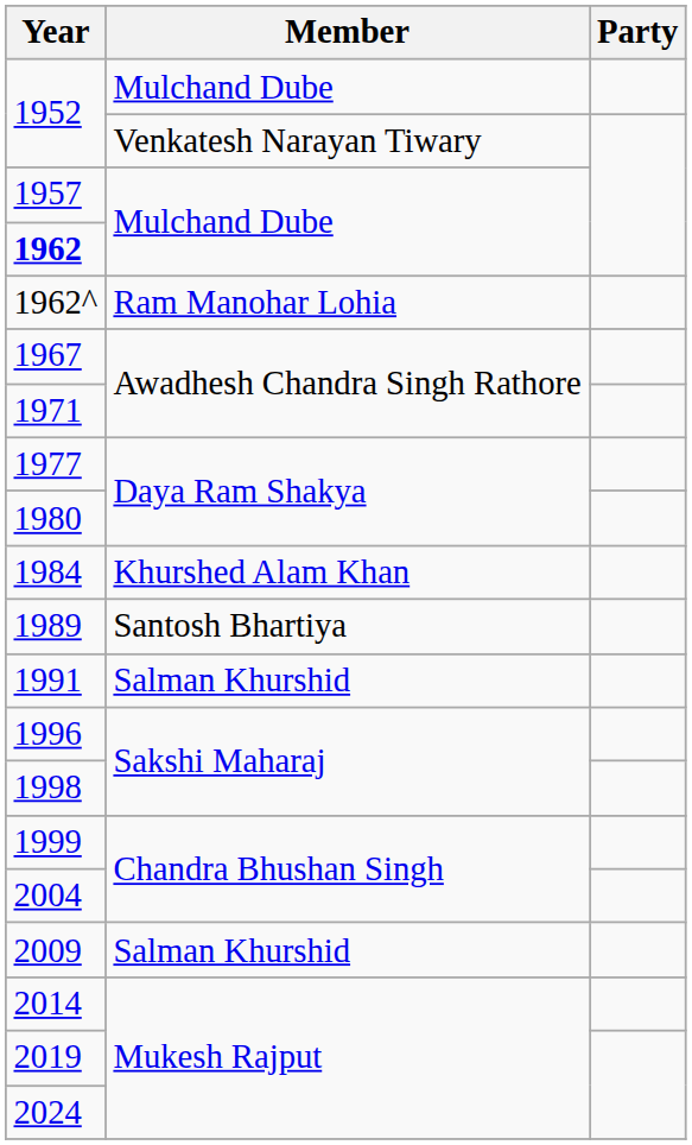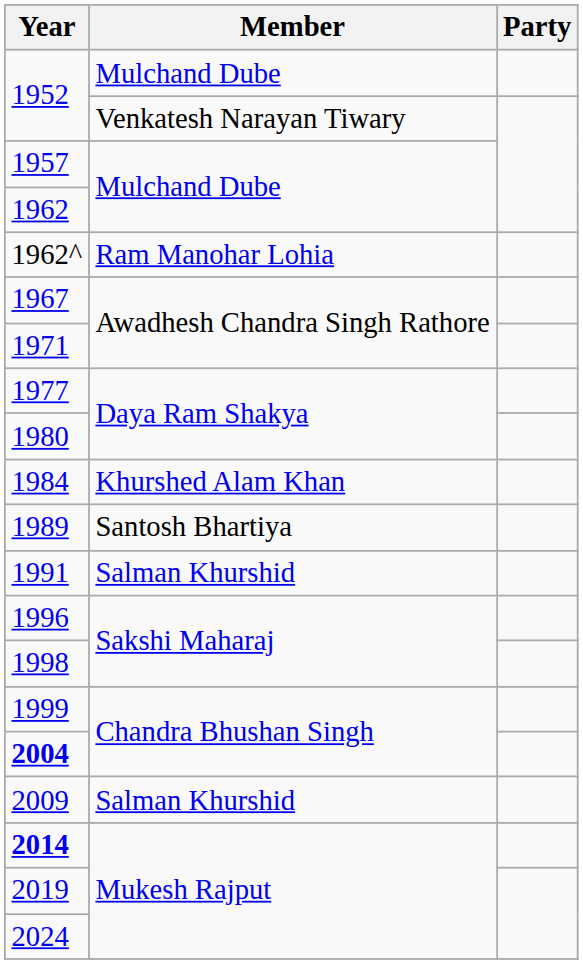 <table class="wikitable sortable">
 <tr>
 <th>Year</th>
 <th>Member</th>
 <th colspan="2">Party</th>
 </tr>
 <tr>
 <td rowspan="2"><a href='#'>1952</a></td>
 <td><a href='#'>Mulchand Dube</a></td>
 <td></td>
 </tr>
 <tr>
 <td>Venkatesh Narayan Tiwary</td>
 </tr>
 <tr>
 <td><a href='#'>1957</a></td>
 <td rowspan="2"><a href='#'>Mulchand Dube</a></td>
 </tr>
 <tr>
-<td><strong><a href='#'>1962</a></strong></td>
+<td><a href='#'>1962</a></td>
 </tr>
 <tr>
 <td>1962^</td>
 <td><a href='#'>Ram Manohar Lohia</a></td>
 <td></td>
 </tr>
 <tr>
 <td><a href='#'>1967</a></td>
 <td rowspan="2">Awadhesh Chandra Singh Rathore</td>
 <td></td>
 </tr>
 <tr>
 <td><a href='#'>1971</a></td>
 </tr>
 <tr>
 <td><a href='#'>1977</a></td>
 <td rowspan="2"><a href='#'>Daya Ram Shakya</a></td>
 <td></td>
 </tr>
 <tr>
 <td><a href='#'>1980</a></td>
 </tr>
 <tr>
 <td><a href='#'>1984</a></td>
 <td><a href='#'>Khurshed Alam Khan</a></td>
 <td></td>
 </tr>
 <tr>
 <td><a href='#'>1989</a></td>
 <td>Santosh Bhartiya</td>
 <td></td>
 </tr>
 <tr>
 <td><a href='#'>1991</a></td>
 <td><a href='#'>Salman Khurshid</a></td>
 <td></td>
 </tr>
 <tr>
 <td><a href='#'>1996</a></td>
 <td rowspan="2"><a href='#'>Sakshi Maharaj</a></td>
 <td></td>
 </tr>
 <tr>
 <td><a href='#'>1998</a></td>
 </tr>
 <tr>
 <td><a href='#'>1999</a></td>
 <td rowspan="2"><a href='#'>Chandra Bhushan Singh</a></td>
 <td></td>
 </tr>
 <tr>
-<td><a href='#'>2004</a></td>
+<td><strong><a href='#'>2004</a></strong></td>
 </tr>
 <tr>
 <td><a href='#'>2009</a></td>
 <td><a href='#'>Salman Khurshid</a></td>
 <td></td>
 </tr>
 <tr>
-<td><a href='#'>2014</a></td>
+<td><strong><a href='#'>2014</a></strong></td>
 <td rowspan="3"><a href='#'>Mukesh Rajput</a></td>
 <td></td>
 </tr>
 <tr>
 <td><a href='#'>2019</a></td>
 </tr>
 <tr>
 <td><a href='#'>2024</a></td>
 </tr>
 </table>
